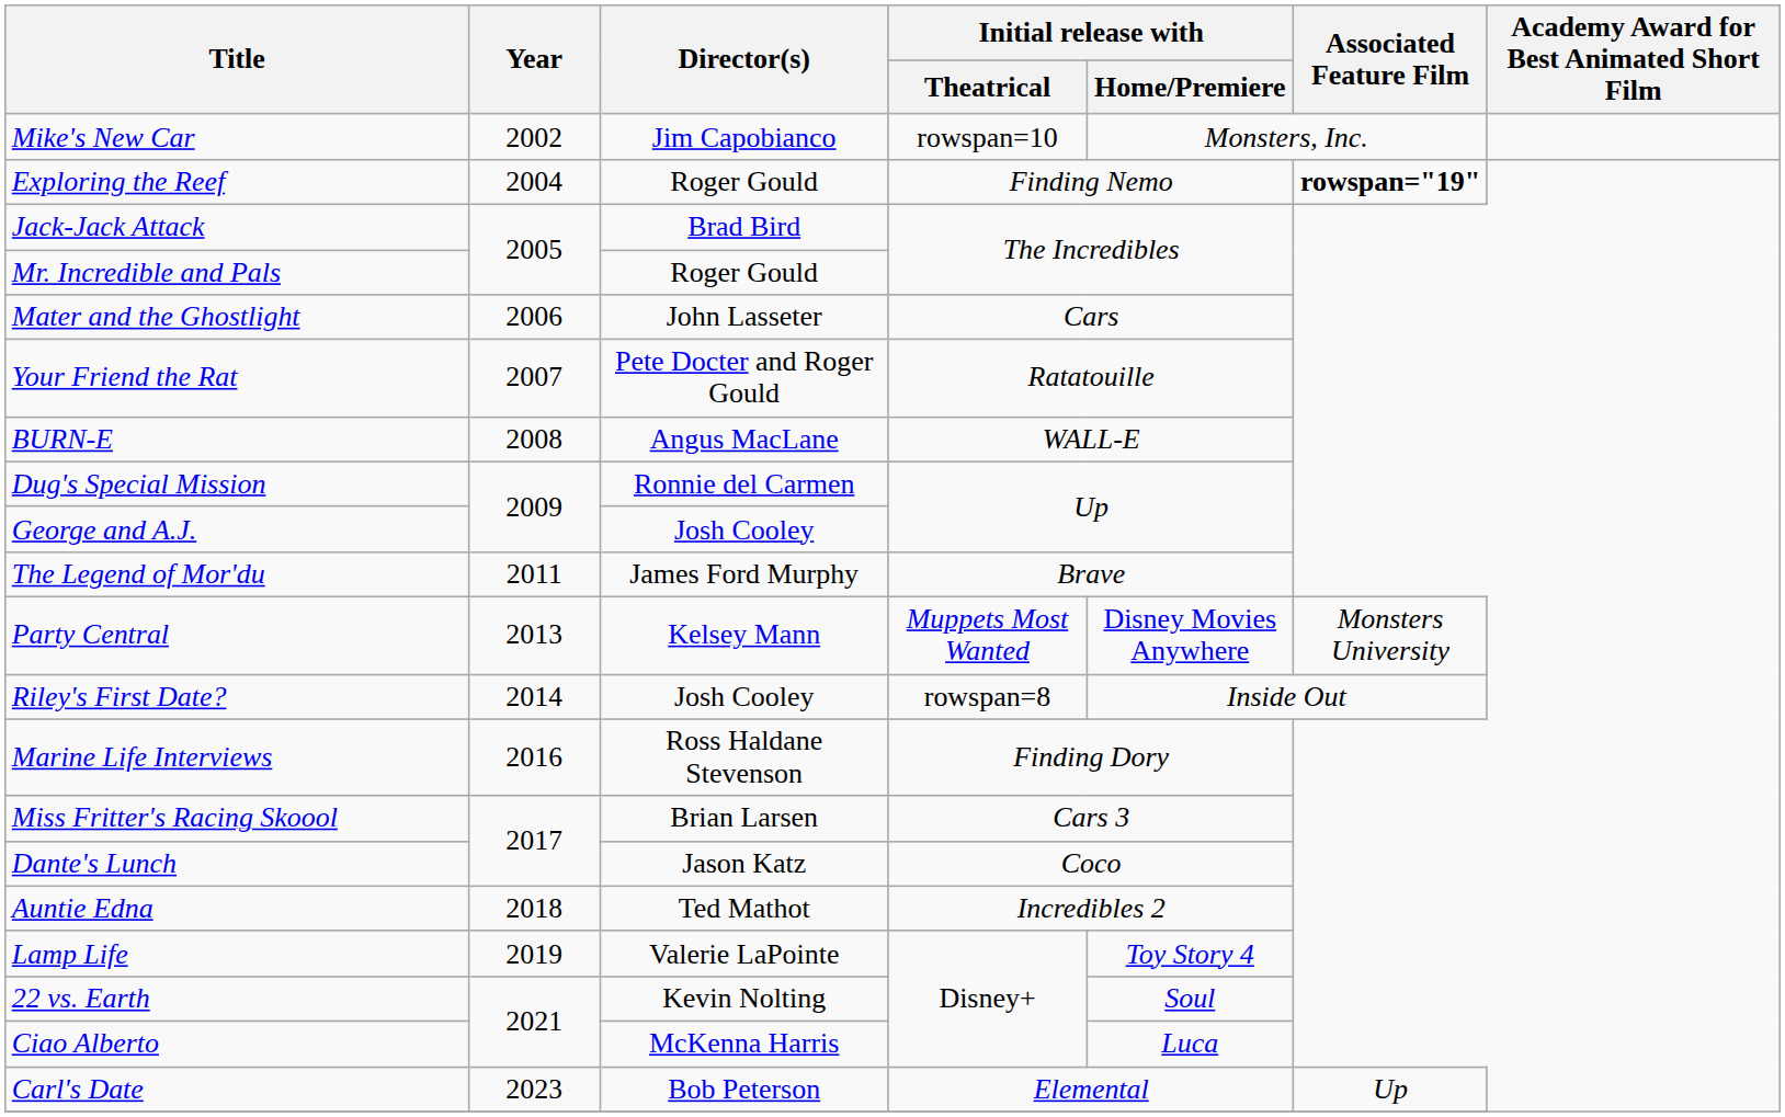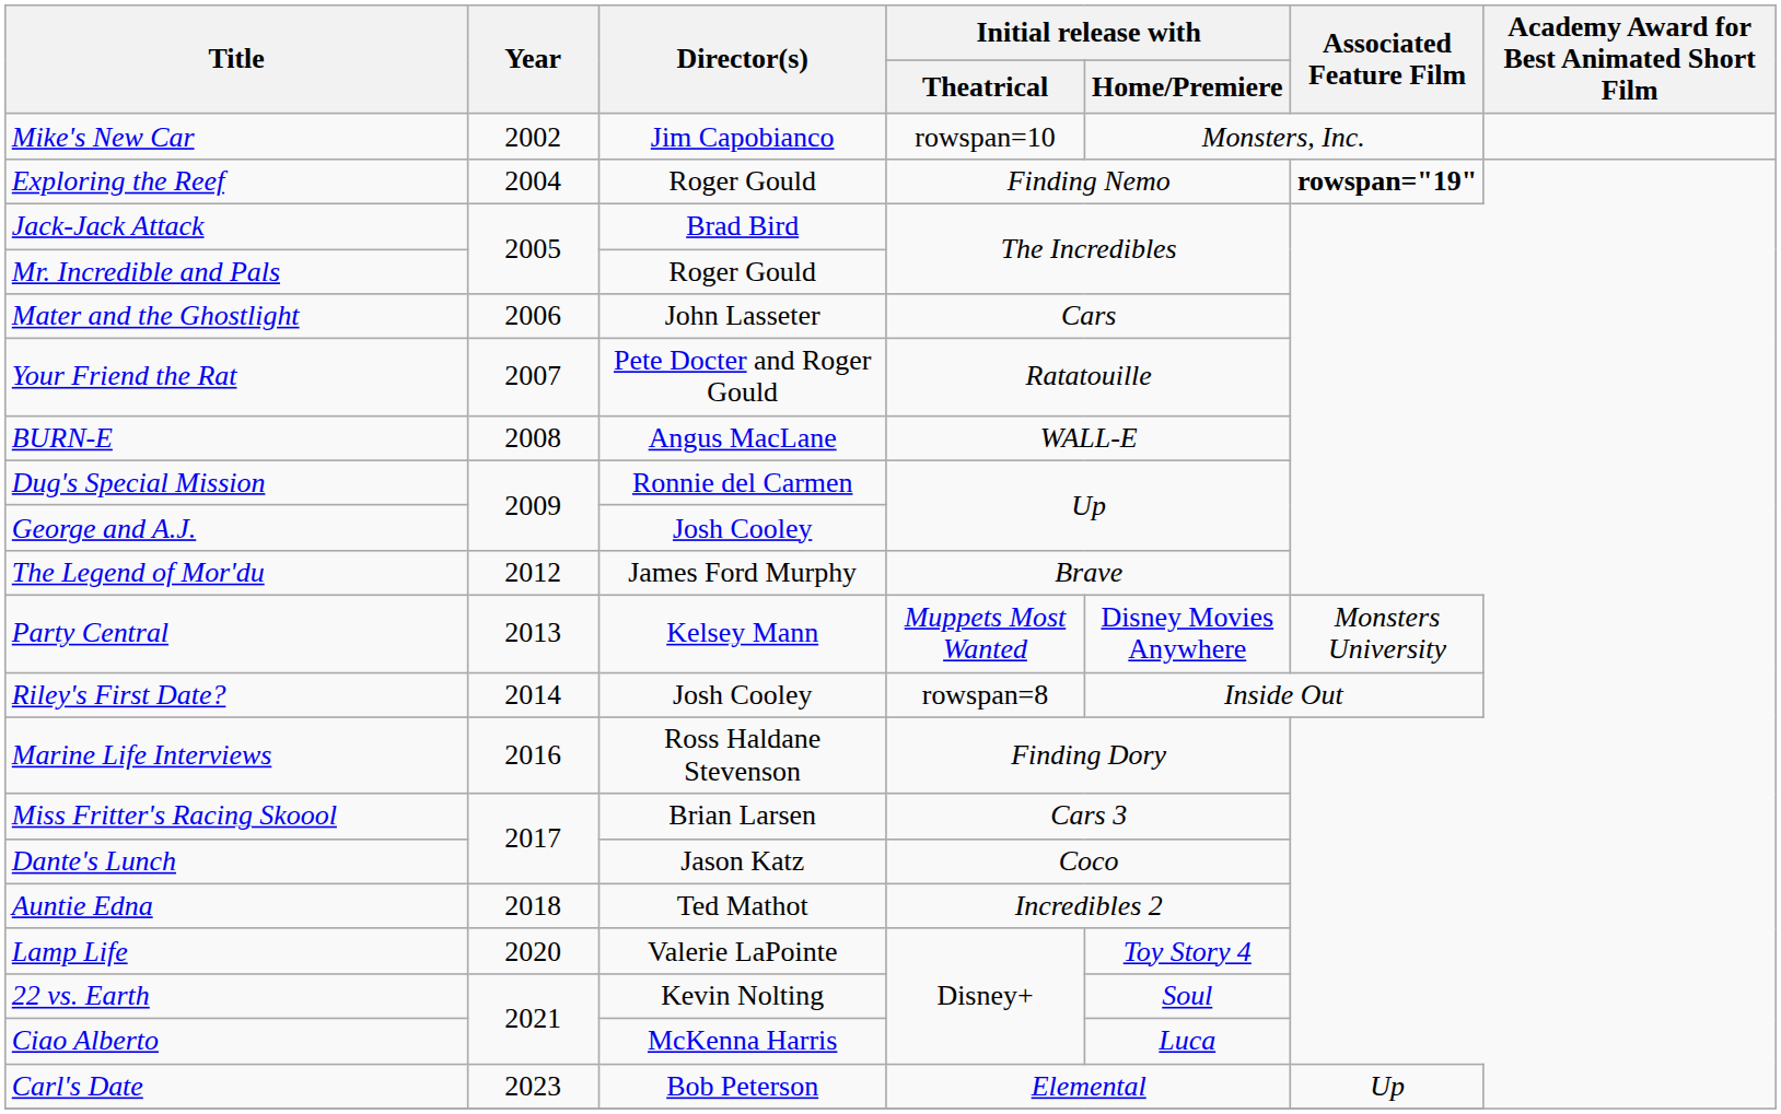 <table class="wikitable sortable" style="max-width:1000px; text-align: center;">
 <tr>
 <th width="300" rowspan="2">Title</th>
 <th width="75" rowspan="2">Year</th>
 <th width="175" rowspan="2">Director(s)</th>
 <th width="220" colspan="2">Initial release with</th>
 <th width="50" rowspan="2"><strong>Associated Feature Film</strong></th>
 <th width="180" rowspan="2">Academy Award for Best Animated Short Film</th>
 </tr>
 <tr>
 <th width="110">Theatrical</th>
 <th width="110">Home/Premiere</th>
 </tr>
 <tr>
 <td align=left><em><a href='#'>Mike's New Car</a></em></td>
 <td>2002</td>
 <td><a href='#'>Jim Capobianco</a></td>
 <td>rowspan=10 </td>
 <td colspan="2"><em>Monsters, Inc.</em></td>
 <td></td>
 </tr>
 <tr>
 <td align=left><em><a href='#'>Exploring the Reef</a></em></td>
 <td>2004</td>
 <td>Roger Gould</td>
 <td colspan="2"><em>Finding Nemo</em></td>
 <td><strong>rowspan="19" </strong></td>
 </tr>
 <tr>
 <td align=left><em><a href='#'>Jack-Jack Attack</a></em></td>
 <td rowspan=2>2005</td>
 <td><a href='#'>Brad Bird</a></td>
 <td colspan="2" rowspan="2"><em>The Incredibles</em></td>
 </tr>
 <tr>
 <td align=left><em><a href='#'>Mr. Incredible and Pals</a></em></td>
 <td>Roger Gould</td>
 </tr>
 <tr>
 <td align=left><em><a href='#'>Mater and the Ghostlight</a></em></td>
 <td>2006</td>
 <td>John Lasseter</td>
 <td colspan="2"><em>Cars</em></td>
 </tr>
 <tr>
 <td align=left><em><a href='#'>Your Friend the Rat</a></em></td>
 <td>2007</td>
 <td><a href='#'>Pete Docter</a> and Roger Gould</td>
 <td colspan="2"><em>Ratatouille</em></td>
 </tr>
 <tr>
 <td align=left><em><a href='#'>BURN-E</a></em></td>
 <td>2008</td>
 <td><a href='#'>Angus MacLane</a></td>
 <td colspan="2"><em>WALL-E</em></td>
 </tr>
 <tr>
 <td align=left><em><a href='#'>Dug's Special Mission</a></em></td>
 <td rowspan=2>2009</td>
 <td><a href='#'>Ronnie del Carmen</a></td>
 <td colspan="2" rowspan="2"><em>Up</em></td>
 </tr>
 <tr>
 <td align=left><em><a href='#'>George and A.J.</a></em></td>
 <td><a href='#'>Josh Cooley</a></td>
 </tr>
 <tr>
 <td align=left><em><a href='#'>The Legend of Mor'du</a></em></td>
-<td>2011</td>
+<td>2012</td>
 <td>James Ford Murphy</td>
 <td colspan="2"><em>Brave</em></td>
 </tr>
 <tr>
 <td align=left><em><a href='#'>Party Central</a></em></td>
 <td>2013</td>
 <td><a href='#'>Kelsey Mann</a></td>
 <td><em><a href='#'>Muppets Most Wanted</a></em></td>
 <td><a href='#'>Disney Movies Anywhere</a></td>
 <td><em>Monsters University</em></td>
 </tr>
 <tr>
 <td align=left><em><a href='#'>Riley's First Date?</a></em></td>
 <td>2014</td>
 <td>Josh Cooley</td>
 <td>rowspan=8 </td>
 <td colspan="2"><em>Inside Out</em></td>
 </tr>
 <tr>
 <td align=left><em><a href='#'>Marine Life Interviews</a></em></td>
 <td>2016</td>
 <td>Ross Haldane Stevenson</td>
 <td colspan="2"><em>Finding Dory</em></td>
 </tr>
 <tr>
 <td align=left><em><a href='#'>Miss Fritter's Racing Skoool</a></em></td>
 <td rowspan="2">2017</td>
 <td>Brian Larsen</td>
 <td colspan="2"><em>Cars 3</em></td>
 </tr>
 <tr>
 <td align=left><em><a href='#'>Dante's Lunch</a></em></td>
 <td>Jason Katz</td>
 <td colspan="2"><em>Coco</em></td>
 </tr>
 <tr>
 <td align=left><em><a href='#'>Auntie Edna</a></em></td>
 <td>2018</td>
 <td>Ted Mathot</td>
 <td colspan="2"><em>Incredibles 2</em></td>
 </tr>
 <tr>
 <td align=left><em><a href='#'>Lamp Life</a></em></td>
-<td>2019</td>
+<td>2020</td>
 <td>Valerie LaPointe</td>
 <td rowspan="3">Disney+</td>
 <td><em><a href='#'>Toy Story 4</a></em></td>
 </tr>
 <tr>
 <td align=left><em><a href='#'>22 vs. Earth</a></em></td>
 <td rowspan="2">2021</td>
 <td>Kevin Nolting</td>
 <td><em><a href='#'>Soul</a></em></td>
 </tr>
 <tr>
 <td align=left><em><a href='#'>Ciao Alberto</a></em></td>
 <td><a href='#'>McKenna Harris</a></td>
 <td><em><a href='#'>Luca</a></em></td>
 </tr>
 <tr>
 <td align=left><em><a href='#'>Carl's Date</a></em></td>
 <td>2023</td>
 <td><a href='#'>Bob Peterson</a></td>
 <td colspan="2"><em><a href='#'>Elemental</a></em></td>
 <td><em>Up</em></td>
 </tr>
 <tr>
 </tr>
 </table>
